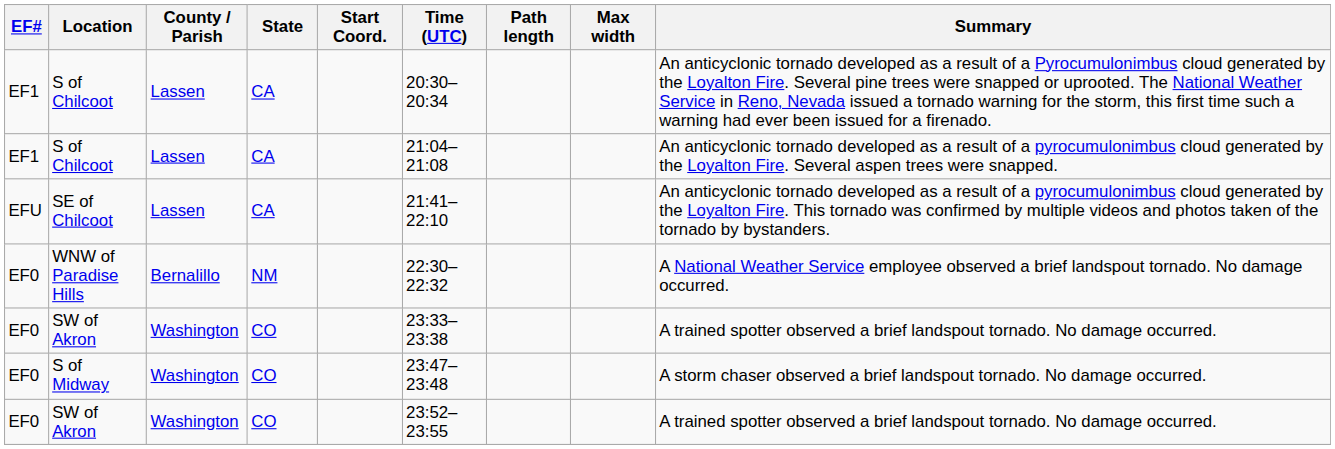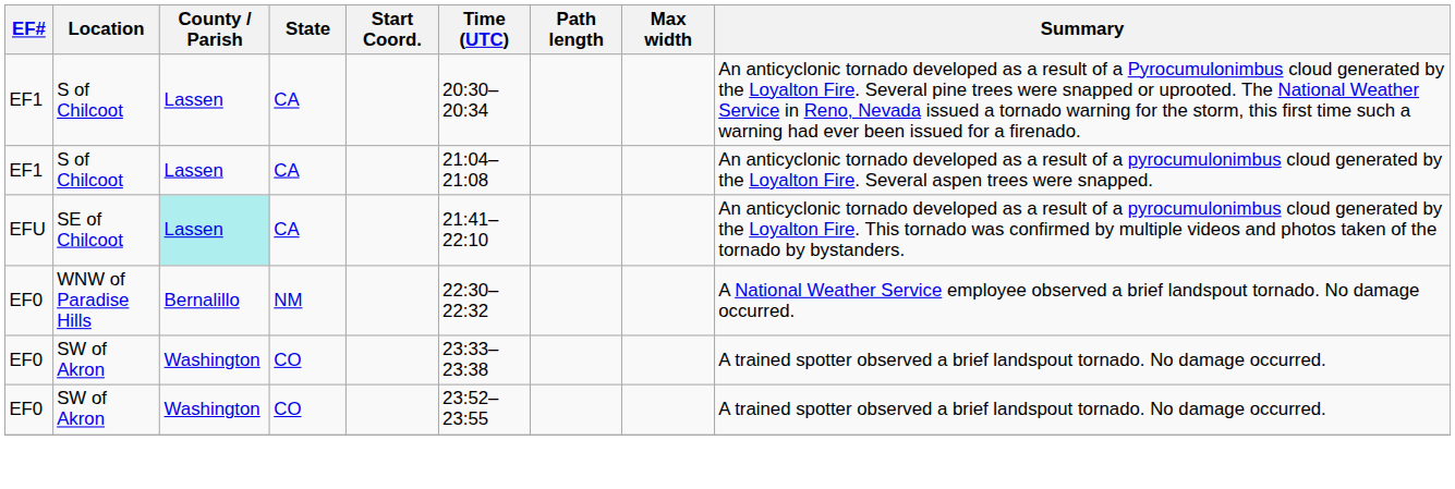 <table class="wikitable sortable" style="width:100%;">
 <tr>
 <th scope="col"  style="width:3%; text-align:center;"><a href='#'>EF#</a></th>
 <th scope="col"  style="width:7%; text-align:center;" class="unsortable">Location</th>
 <th scope="col"  style="width:6%; text-align:center;" class="unsortable">County / Parish</th>
 <th scope="col"  style="width:5%; text-align:center;">State</th>
 <th scope="col"  style="width:6%; text-align:center;">Start Coord.</th>
 <th scope="col"  style="width:6%; text-align:center;">Time (<a href='#'>UTC</a>)</th>
 <th scope="col"  style="width:6%; text-align:center;">Path length</th>
 <th scope="col"  style="width:6%; text-align:center;">Max width</th>
 <th scope="col" class="unsortable" style="width:48%; text-align:center;">Summary</th>
 </tr>
 <tr>
 <td>EF1</td>
 <td>S of <a href='#'>Chilcoot</a></td>
 <td><a href='#'>Lassen</a></td>
 <td><a href='#'>CA</a></td>
 <td></td>
 <td>20:30–20:34</td>
 <td></td>
 <td></td>
 <td>An anticyclonic tornado developed as a result of a <a href='#'>Pyrocumulonimbus</a> cloud generated by the <a href='#'>Loyalton Fire</a>. Several pine trees were snapped or uprooted. The <a href='#'>National Weather Service</a> in <a href='#'>Reno, Nevada</a> issued a tornado warning for the storm, this first time such a warning had ever been issued for a firenado.</td>
 </tr>
 <tr>
 <td>EF1</td>
 <td>S of <a href='#'>Chilcoot</a></td>
 <td><a href='#'>Lassen</a></td>
 <td><a href='#'>CA</a></td>
 <td></td>
 <td>21:04–21:08</td>
 <td></td>
 <td></td>
 <td>An anticyclonic tornado developed as a result of a <a href='#'>pyrocumulonimbus</a> cloud generated by the <a href='#'>Loyalton Fire</a>. Several aspen trees were snapped.</td>
 </tr>
 <tr>
 <td>EFU</td>
 <td>SE of <a href='#'>Chilcoot</a></td>
-<td><a href='#'>Lassen</a></td>
+<td style="background: paleturquoise;"><a href='#'>Lassen</a></td>
 <td><a href='#'>CA</a></td>
 <td></td>
 <td>21:41–22:10</td>
 <td></td>
 <td></td>
 <td>An anticyclonic tornado developed as a result of a <a href='#'>pyrocumulonimbus</a> cloud generated by the <a href='#'>Loyalton Fire</a>. This tornado was confirmed by multiple videos and photos taken of the tornado by bystanders.</td>
 </tr>
 <tr>
 <td>EF0</td>
 <td>WNW of <a href='#'>Paradise Hills</a></td>
 <td><a href='#'>Bernalillo</a></td>
 <td><a href='#'>NM</a></td>
 <td></td>
 <td>22:30–22:32</td>
 <td></td>
 <td></td>
 <td>A <a href='#'>National Weather Service</a> employee observed a brief landspout tornado. No damage occurred.</td>
 </tr>
 <tr>
 <td>EF0</td>
 <td>SW of <a href='#'>Akron</a></td>
 <td><a href='#'>Washington</a></td>
 <td><a href='#'>CO</a></td>
 <td></td>
 <td>23:33–23:38</td>
 <td></td>
 <td></td>
 <td>A trained spotter observed a brief landspout tornado. No damage occurred.</td>
 </tr>
 <tr>
 <td>EF0</td>
-<td>S of <a href='#'>Midway</a></td>
-<td><a href='#'>Washington</a></td>
-<td><a href='#'>CO</a></td>
-<td></td>
-<td>23:47–23:48</td>
-<td></td>
-<td></td>
-<td>A storm chaser observed a brief landspout tornado. No damage occurred.</td>
-</tr>
-<tr>
-<td>EF0</td>
 <td>SW of <a href='#'>Akron</a></td>
 <td><a href='#'>Washington</a></td>
 <td><a href='#'>CO</a></td>
 <td></td>
 <td>23:52–23:55</td>
 <td></td>
 <td></td>
 <td>A trained spotter observed a brief landspout tornado. No damage occurred.</td>
 </tr>
 <tr>
 </tr>
 </table>
